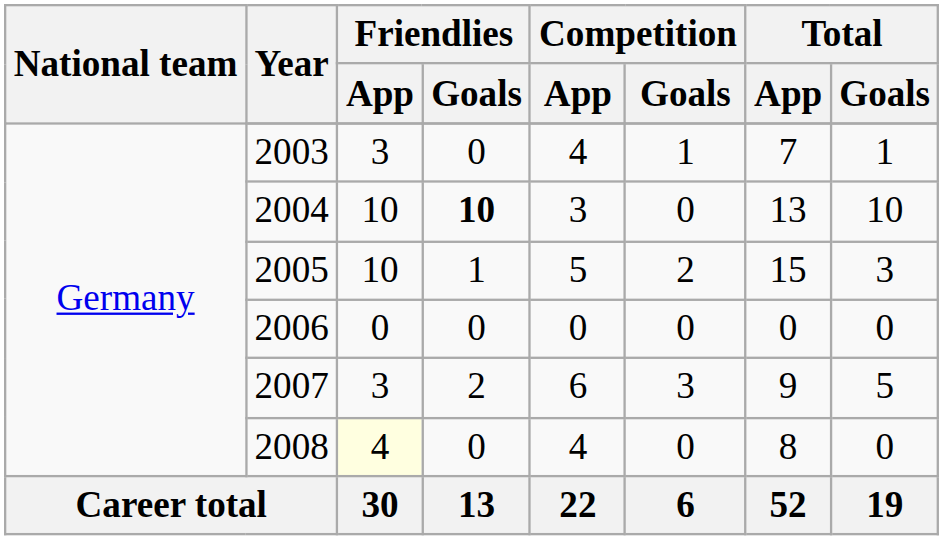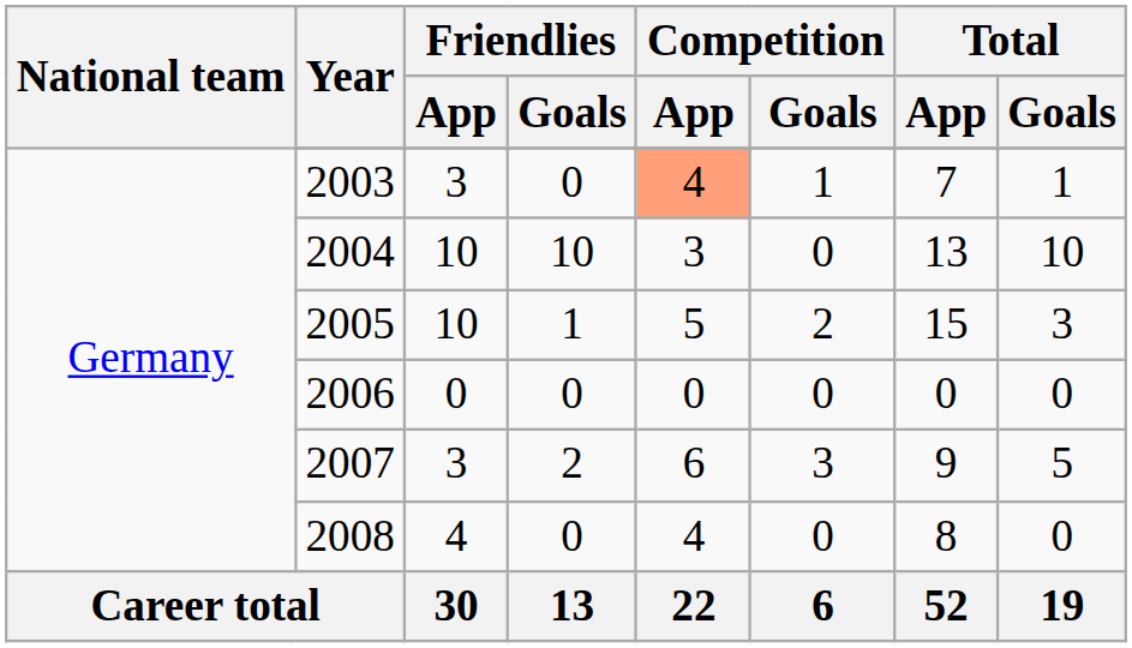 <table class="wikitable" style="text-align: center">
 <tr>
 <th rowspan="2">National team</th>
 <th rowspan="2">Year</th>
 <th colspan="2">Friendlies</th>
 <th colspan="2">Competition</th>
 <th colspan="2">Total</th>
 </tr>
 <tr>
 <th>App</th>
 <th>Goals</th>
 <th>App</th>
 <th>Goals</th>
 <th>App</th>
 <th>Goals</th>
 </tr>
 <tr>
 <td rowspan="7"><a href='#'>Germany</a></td>
 </tr>
 <tr>
 <td>2003</td>
 <td>3</td>
 <td>0</td>
-<td>4</td>
+<td style="background: lightsalmon;">4</td>
 <td>1</td>
 <td>7</td>
 <td>1</td>
 </tr>
 <tr>
 <td>2004</td>
 <td>10</td>
-<td><strong>10</strong></td>
+<td>10</td>
 <td>3</td>
 <td>0</td>
 <td>13</td>
 <td>10</td>
 </tr>
 <tr>
 <td>2005</td>
 <td>10</td>
 <td>1</td>
 <td>5</td>
 <td>2</td>
 <td>15</td>
 <td>3</td>
 </tr>
 <tr>
 <td>2006</td>
 <td>0</td>
 <td>0</td>
 <td>0</td>
 <td>0</td>
 <td>0</td>
 <td>0</td>
 </tr>
 <tr>
 <td>2007</td>
 <td>3</td>
 <td>2</td>
 <td>6</td>
 <td>3</td>
 <td>9</td>
 <td>5</td>
 </tr>
 <tr>
 <td>2008</td>
-<td style="background: lightyellow;">4</td>
+<td>4</td>
 <td>0</td>
 <td>4</td>
 <td>0</td>
 <td>8</td>
 <td>0</td>
 </tr>
 <tr>
 <th colspan="2">Career total</th>
 <th>30</th>
 <th>13</th>
 <th>22</th>
 <th>6</th>
 <th>52</th>
 <th>19</th>
 </tr>
 </table>
